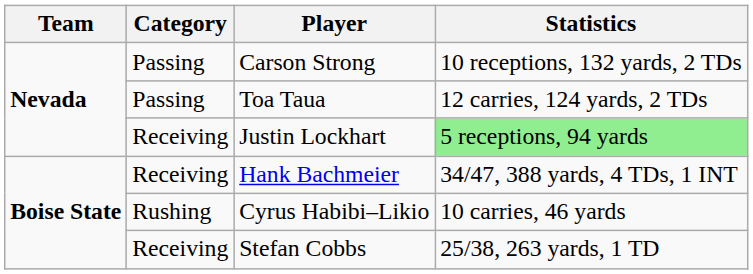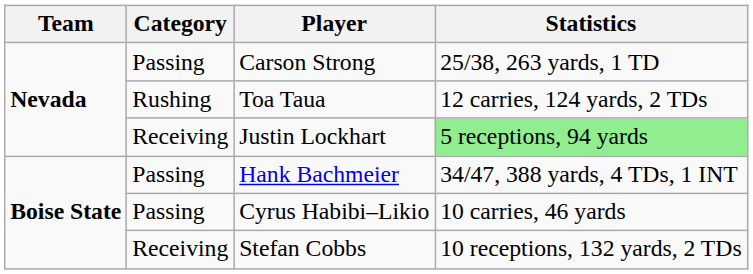 <table class="wikitable" style="float: left;">
 <tr>
 <th>Team</th>
 <th>Category</th>
 <th>Player</th>
 <th>Statistics</th>
 </tr>
 <tr>
 <td rowspan=3><strong>Nevada</strong></td>
 <td>Passing</td>
 <td>Carson Strong</td>
-<td>10 receptions, 132 yards, 2 TDs</td>
+<td>25/38, 263 yards, 1 TD</td>
 </tr>
 <tr>
-<td>Passing</td>
+<td>Rushing</td>
 <td>Toa Taua</td>
 <td>12 carries, 124 yards, 2 TDs</td>
 </tr>
 <tr>
 <td>Receiving</td>
 <td>Justin Lockhart</td>
 <td style="background: lightgreen;">5 receptions, 94 yards</td>
 </tr>
 <tr>
 <td rowspan=3><strong>Boise State</strong></td>
-<td>Receiving</td>
+<td>Passing</td>
 <td><a href='#'>Hank Bachmeier</a></td>
 <td>34/47, 388 yards, 4 TDs, 1 INT</td>
 </tr>
 <tr>
-<td>Rushing</td>
+<td>Passing</td>
 <td>Cyrus Habibi–Likio</td>
 <td>10 carries, 46 yards</td>
 </tr>
 <tr>
 <td>Receiving</td>
 <td>Stefan Cobbs</td>
-<td>25/38, 263 yards, 1 TD</td>
+<td>10 receptions, 132 yards, 2 TDs</td>
 </tr>
 </table>
